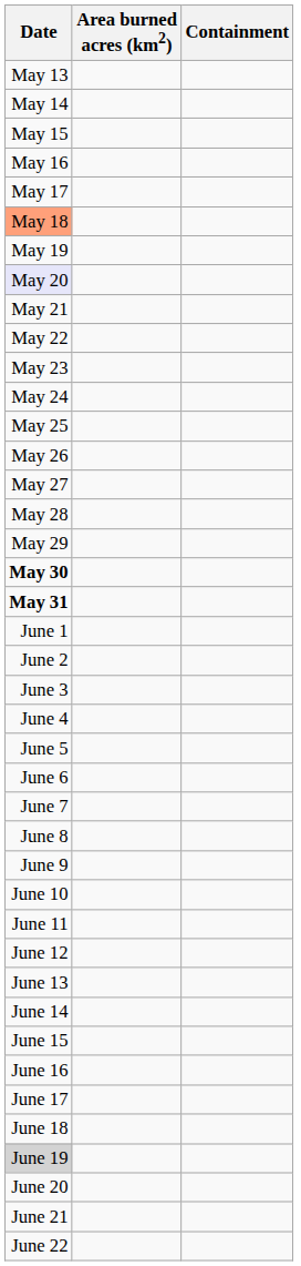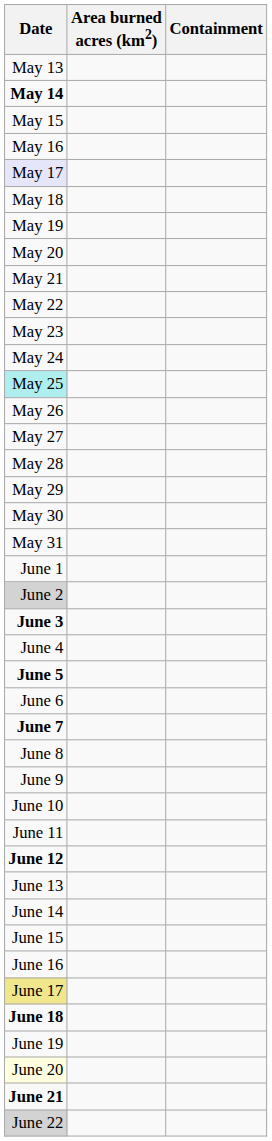 <table class="wikitable sortable" style="text-align: right;">
 <tr>
 <th>Date</th>
 <th>Area burned<br>acres (km<sup>2</sup>)</th>
 <th>Containment</th>
 </tr>
 <tr>
 <td>May 13</td>
 <td></td>
 <td style="text-align: left;"></td>
 </tr>
 <tr>
-<td>May 14</td>
+<td><strong>May 14</strong></td>
 <td></td>
 <td style="text-align: left;"></td>
 </tr>
 <tr>
 <td>May 15</td>
 <td></td>
 <td style="text-align: left;"></td>
 </tr>
 <tr>
 <td>May 16</td>
 <td></td>
 <td style="text-align: left;"></td>
 </tr>
 <tr>
-<td>May 17</td>
+<td style="background: lavender;">May 17</td>
 <td></td>
 <td style="text-align: left;"></td>
 </tr>
 <tr>
-<td style="background: lightsalmon;">May 18</td>
+<td>May 18</td>
 <td></td>
 <td style="text-align: left;"></td>
 </tr>
 <tr>
 <td>May 19</td>
 <td></td>
 <td style="text-align: left;"></td>
 </tr>
 <tr>
-<td style="background: lavender;">May 20</td>
+<td>May 20</td>
 <td></td>
 <td style="text-align: left;"></td>
 </tr>
 <tr>
 <td>May 21</td>
 <td></td>
 <td style="text-align: left;"></td>
 </tr>
 <tr>
 <td>May 22</td>
 <td></td>
 <td style="text-align: left;"></td>
 </tr>
 <tr>
 <td>May 23</td>
 <td></td>
 <td style="text-align: left;"></td>
 </tr>
 <tr>
 <td>May 24</td>
 <td></td>
 <td style="text-align: left;"></td>
 </tr>
 <tr>
-<td>May 25</td>
+<td style="background: paleturquoise;">May 25</td>
 <td></td>
 <td style="text-align: left;"></td>
 </tr>
 <tr>
 <td>May 26</td>
 <td></td>
 <td style="text-align: left;"></td>
 </tr>
 <tr>
 <td>May 27</td>
 <td></td>
 <td style="text-align: left;"></td>
 </tr>
 <tr>
 <td>May 28</td>
 <td></td>
 <td style="text-align: left;"></td>
 </tr>
 <tr>
 <td>May 29</td>
 <td></td>
 <td style="text-align: left;"></td>
 </tr>
 <tr>
-<td><strong>May 30</strong></td>
+<td>May 30</td>
 <td></td>
 <td style="text-align: left;"></td>
 </tr>
 <tr>
-<td><strong>May 31</strong></td>
+<td>May 31</td>
 <td></td>
 <td style="text-align: left;"></td>
 </tr>
 <tr>
 <td>June 1</td>
 <td></td>
 <td style="text-align: left;"></td>
 </tr>
 <tr>
-<td>June 2</td>
+<td style="background: lightgrey;">June 2</td>
 <td></td>
 <td style="text-align: left;"></td>
 </tr>
 <tr>
-<td>June 3</td>
+<td><strong>June 3</strong></td>
 <td></td>
 <td style="text-align: left;"></td>
 </tr>
 <tr>
 <td>June 4</td>
 <td></td>
 <td style="text-align: left;"></td>
 </tr>
 <tr>
-<td>June 5</td>
+<td><strong>June 5</strong></td>
 <td></td>
 <td style="text-align: left;"></td>
 </tr>
 <tr>
 <td>June 6</td>
 <td></td>
 <td style="text-align: left;"></td>
 </tr>
 <tr>
-<td>June 7</td>
+<td><strong>June 7</strong></td>
 <td></td>
 <td style="text-align: left;"></td>
 </tr>
 <tr>
 <td>June 8</td>
 <td></td>
 <td style="text-align: left;"></td>
 </tr>
 <tr>
 <td>June 9</td>
 <td></td>
 <td style="text-align: left;"></td>
 </tr>
 <tr>
 <td>June 10</td>
 <td></td>
 <td style="text-align: left;"></td>
 </tr>
 <tr>
 <td>June 11</td>
 <td></td>
 <td style="text-align: left;"></td>
 </tr>
 <tr>
-<td>June 12</td>
+<td><strong>June 12</strong></td>
 <td></td>
 <td style="text-align: left;"></td>
 </tr>
 <tr>
 <td>June 13</td>
 <td></td>
 <td style="text-align: left;"></td>
 </tr>
 <tr>
 <td>June 14</td>
 <td></td>
 <td style="text-align: left;"></td>
 </tr>
 <tr>
 <td>June 15</td>
 <td></td>
 <td style="text-align: left;"></td>
 </tr>
 <tr>
 <td>June 16</td>
 <td></td>
 <td style="text-align: left;"></td>
 </tr>
 <tr>
-<td>June 17</td>
+<td style="background: khaki;">June 17</td>
 <td></td>
 <td style="text-align: left;"></td>
 </tr>
 <tr>
-<td>June 18</td>
+<td><strong>June 18</strong></td>
 <td></td>
 <td style="text-align: left;"></td>
 </tr>
 <tr>
-<td style="background: lightgrey;">June 19</td>
+<td>June 19</td>
 <td></td>
 <td style="text-align: left;"></td>
 </tr>
 <tr>
-<td>June 20</td>
+<td style="background: lightyellow;">June 20</td>
 <td></td>
 <td style="text-align: left;"></td>
 </tr>
 <tr>
-<td>June 21</td>
+<td><strong>June 21</strong></td>
 <td></td>
 <td style="text-align: left;"></td>
 </tr>
 <tr>
-<td>June 22</td>
+<td style="background: lightgrey;">June 22</td>
 <td></td>
 <td style="text-align: left;"></td>
 </tr>
 </table>
